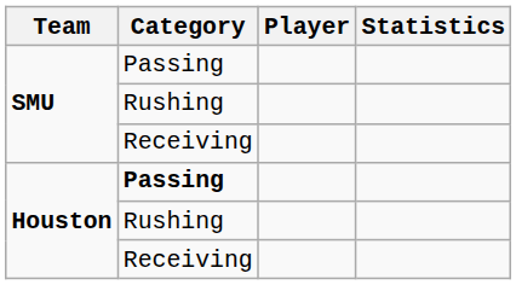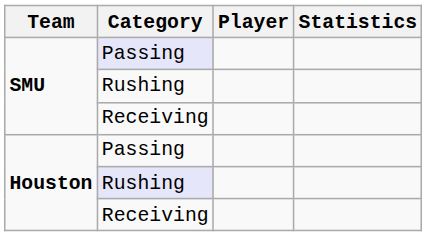 <table class="wikitable" style="float: left;">
 <tr>
 <th>Team</th>
 <th>Category</th>
 <th>Player</th>
 <th>Statistics</th>
 </tr>
 <tr>
 <td rowspan=3><strong>SMU</strong></td>
-<td>Passing</td>
+<td style="background: lavender;">Passing</td>
 <td></td>
 <td></td>
 </tr>
 <tr>
 <td>Rushing</td>
 <td></td>
 <td></td>
 </tr>
 <tr>
 <td>Receiving</td>
 <td></td>
 <td></td>
 </tr>
 <tr>
 <td rowspan=3><strong>Houston</strong></td>
-<td><strong>Passing</strong></td>
+<td>Passing</td>
 <td></td>
 <td></td>
 </tr>
 <tr>
-<td>Rushing</td>
+<td style="background: lavender;">Rushing</td>
 <td></td>
 <td></td>
 </tr>
 <tr>
 <td>Receiving</td>
 <td></td>
 <td></td>
 </tr>
 </table>
